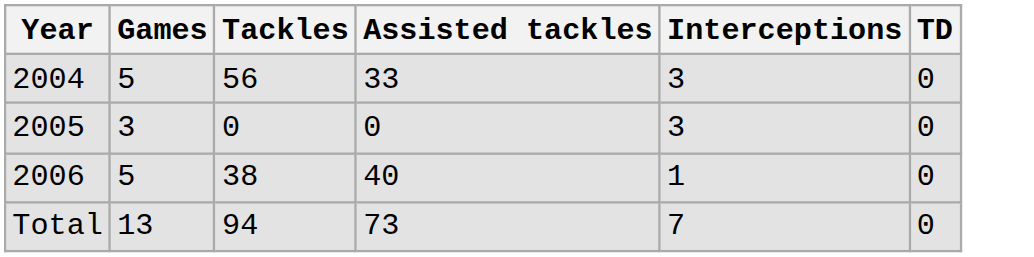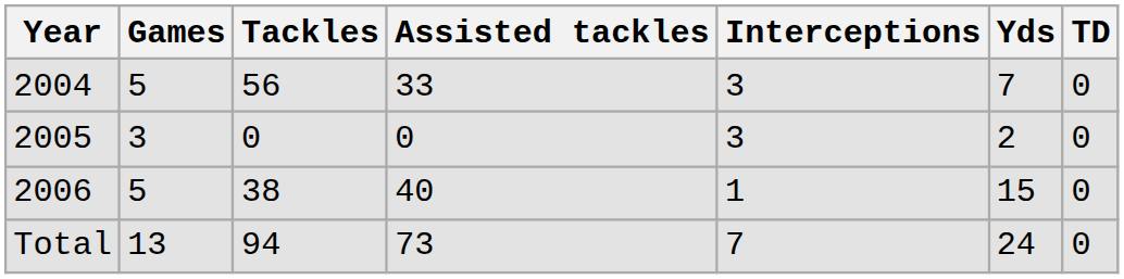 <table class="wikitable">
 <tr>
 <th>Year</th>
 <th>Games</th>
 <th>Tackles</th>
 <th>Assisted tackles</th>
 <th>Interceptions</th>
+<th>Yds</th>
 <th>TD</th>
 </tr>
 <tr style="background: #e3e3e3;">
 <td>2004</td>
 <td>5</td>
 <td>56</td>
 <td>33</td>
 <td>3</td>
+<td>7</td>
 <td>0</td>
 </tr>
 <tr style="background: #e3e3e3;">
 <td>2005</td>
 <td>3</td>
 <td>0</td>
 <td>0</td>
 <td>3</td>
+<td>2</td>
 <td>0</td>
 </tr>
 <tr style="background: #e3e3e3;">
 <td>2006</td>
 <td>5</td>
 <td>38</td>
 <td>40</td>
 <td>1</td>
+<td>15</td>
 <td>0</td>
 </tr>
 <tr style="background: #e3e3e3;">
 <td>Total</td>
 <td>13</td>
 <td>94</td>
 <td>73</td>
 <td>7</td>
+<td>24</td>
 <td>0</td>
 </tr>
 </table>
